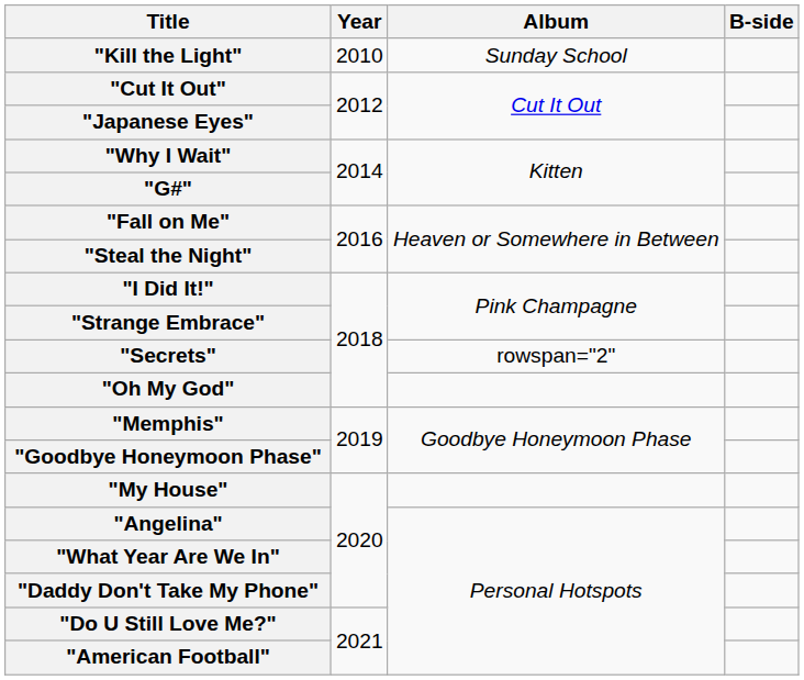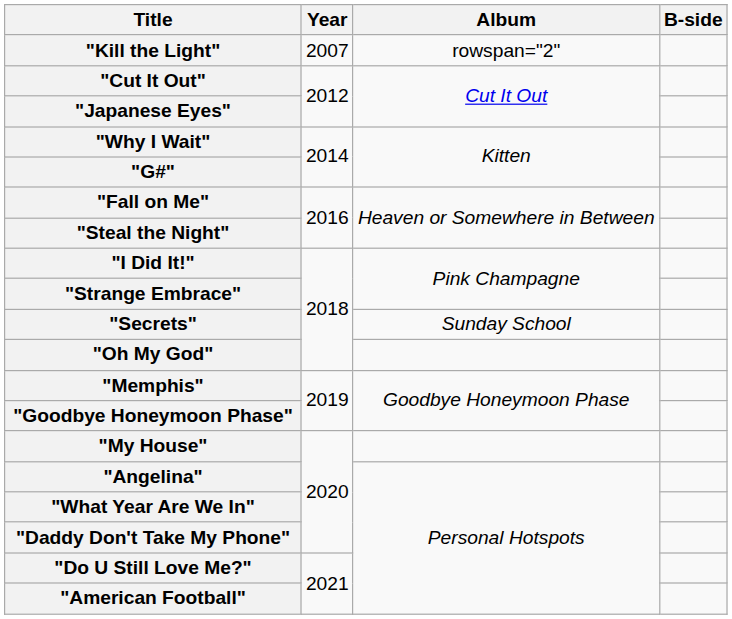 <table class="wikitable plainrowheaders" style="text-align:center">
 <tr>
 <th scope="col" style="width:15em;">Title</th>
 <th scope="col">Year</th>
 <th scope="col" style="width:15.5em;">Album</th>
 <th scope="col">B-side</th>
 </tr>
 <tr>
 <th scope="row">"Kill the Light"</th>
-<td>2010</td>
-<td><em>Sunday School</em></td>
+<td>2007</td>
+<td>rowspan="2" </td>
 <td></td>
 </tr>
 <tr>
 <th scope="row">"Cut It Out"</th>
 <td rowspan="2">2012</td>
 <td rowspan="2"><em><a href='#'>Cut It Out</a></em></td>
 <td></td>
 </tr>
 <tr>
 <th scope="row">"Japanese Eyes"</th>
 <td></td>
 </tr>
 <tr>
 <th scope="row">"Why I Wait"</th>
 <td rowspan="2">2014</td>
 <td rowspan="2"><em>Kitten</em></td>
 <td></td>
 </tr>
 <tr>
 <th scope="row">"G#"</th>
 <td></td>
 </tr>
 <tr>
 <th scope="row">"Fall on Me"</th>
 <td rowspan="2">2016</td>
 <td rowspan="2"><em>Heaven or Somewhere in Between</em></td>
 <td></td>
 </tr>
 <tr>
 <th scope="row">"Steal the Night"</th>
 <td></td>
 </tr>
 <tr>
 <th scope="row">"I Did It!"</th>
 <td rowspan="4">2018</td>
 <td rowspan="2"><em>Pink Champagne</em></td>
 <td></td>
 </tr>
 <tr>
 <th scope="row">"Strange Embrace"</th>
 <td></td>
 </tr>
 <tr>
 <th scope="row">"Secrets"</th>
-<td>rowspan="2" </td>
+<td><em>Sunday School</em></td>
 <td></td>
 </tr>
 <tr>
 <th scope="row">"Oh My God"</th>
 <td></td>
 </tr>
 <tr>
 <th scope="row">"Memphis"</th>
 <td rowspan="2">2019</td>
 <td rowspan="2"><em>Goodbye Honeymoon Phase</em></td>
 <td></td>
 </tr>
 <tr>
 <th scope="row">"Goodbye Honeymoon Phase"</th>
 <td></td>
 </tr>
 <tr>
 <th scope="row">"My House"</th>
 <td rowspan="4">2020</td>
 <td></td>
 <td></td>
 </tr>
 <tr>
 <th scope="row">"Angelina"</th>
 <td rowspan="5"><em>Personal Hotspots</em></td>
 <td></td>
 </tr>
 <tr>
 <th scope="row">"What Year Are We In"</th>
 <td></td>
 </tr>
 <tr>
 <th scope="row">"Daddy Don't Take My Phone"</th>
 <td></td>
 </tr>
 <tr>
 <th scope="row">"Do U Still Love Me?"</th>
 <td rowspan="2">2021</td>
 <td></td>
 </tr>
 <tr>
 <th scope="row">"American Football"</th>
 <td></td>
 </tr>
 </table>
